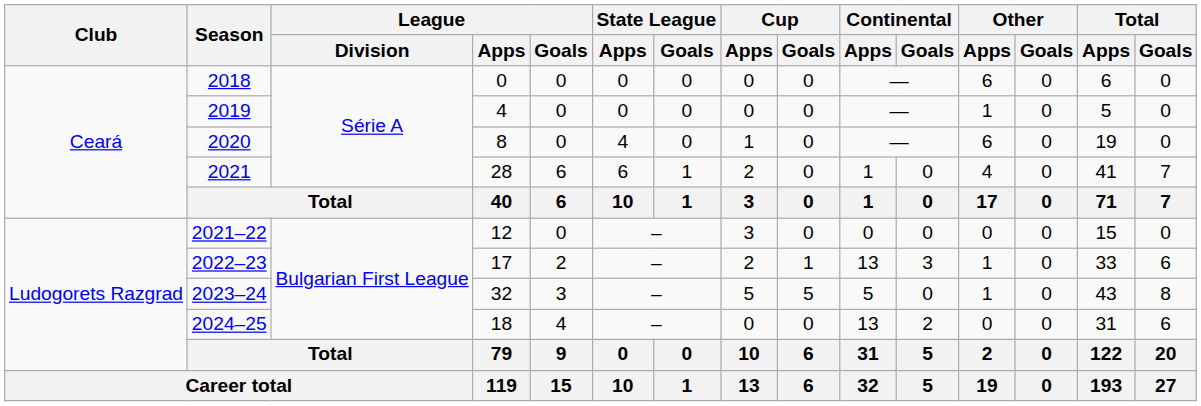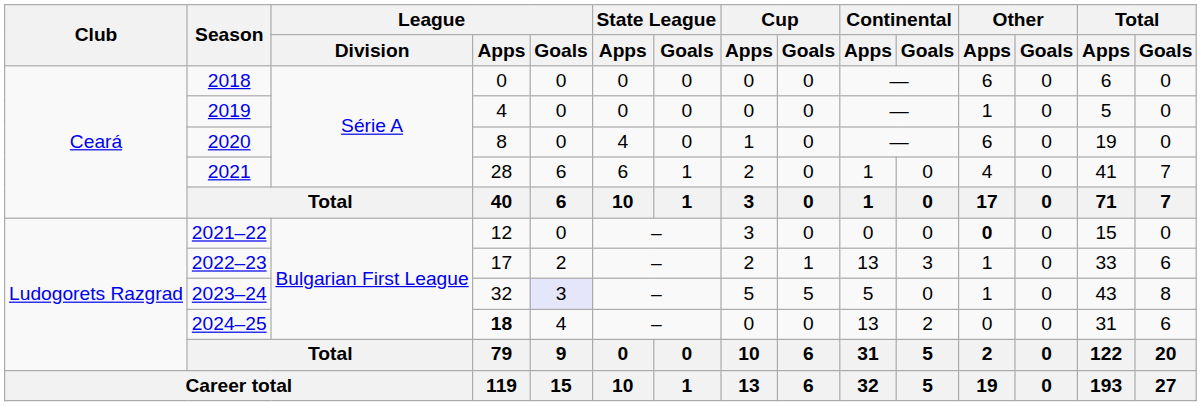 <table class="wikitable" style="text-align:center">
 <tr>
 <th rowspan="2">Club</th>
 <th rowspan="2">Season</th>
 <th colspan="3">League</th>
 <th colspan="2">State League</th>
 <th colspan="2">Cup</th>
 <th colspan="2">Continental</th>
 <th colspan="2">Other</th>
 <th colspan="2">Total</th>
 </tr>
 <tr>
 <th>Division</th>
 <th>Apps</th>
 <th>Goals</th>
 <th>Apps</th>
 <th>Goals</th>
 <th>Apps</th>
 <th>Goals</th>
 <th>Apps</th>
 <th>Goals</th>
 <th>Apps</th>
 <th>Goals</th>
 <th>Apps</th>
 <th>Goals</th>
 </tr>
 <tr>
 <td rowspan="5"><a href='#'>Ceará</a></td>
 <td><a href='#'>2018</a></td>
 <td rowspan="4"><a href='#'>Série A</a></td>
 <td>0</td>
 <td>0</td>
 <td>0</td>
 <td>0</td>
 <td>0</td>
 <td>0</td>
 <td colspan="2">—</td>
 <td>6</td>
 <td>0</td>
 <td>6</td>
 <td>0</td>
 </tr>
 <tr>
 <td><a href='#'>2019</a></td>
 <td>4</td>
 <td>0</td>
 <td>0</td>
 <td>0</td>
 <td>0</td>
 <td>0</td>
 <td colspan="2">—</td>
 <td>1</td>
 <td>0</td>
 <td>5</td>
 <td>0</td>
 </tr>
 <tr>
 <td><a href='#'>2020</a></td>
 <td>8</td>
 <td>0</td>
 <td>4</td>
 <td>0</td>
 <td>1</td>
 <td>0</td>
 <td colspan="2">—</td>
 <td>6</td>
 <td>0</td>
 <td>19</td>
 <td>0</td>
 </tr>
 <tr>
 <td><a href='#'>2021</a></td>
 <td>28</td>
 <td>6</td>
 <td>6</td>
 <td>1</td>
 <td>2</td>
 <td>0</td>
 <td>1</td>
 <td>0</td>
 <td>4</td>
 <td>0</td>
 <td>41</td>
 <td>7</td>
 </tr>
 <tr>
 <th colspan="2">Total</th>
 <th>40</th>
 <th>6</th>
 <th>10</th>
 <th>1</th>
 <th>3</th>
 <th>0</th>
 <th>1</th>
 <th>0</th>
 <th>17</th>
 <th>0</th>
 <th>71</th>
 <th>7</th>
 </tr>
 <tr>
 <td rowspan="5"><a href='#'>Ludogorets Razgrad</a></td>
 <td><a href='#'>2021–22</a></td>
 <td rowspan="4"><a href='#'>Bulgarian First League</a></td>
 <td>12</td>
 <td>0</td>
 <td colspan="2">–</td>
 <td>3</td>
 <td>0</td>
 <td>0</td>
 <td>0</td>
-<td>0</td>
+<td><strong>0</strong></td>
 <td>0</td>
 <td>15</td>
 <td>0</td>
 </tr>
 <tr>
 <td><a href='#'>2022–23</a></td>
 <td>17</td>
 <td>2</td>
 <td colspan="2">–</td>
 <td>2</td>
 <td>1</td>
 <td>13</td>
 <td>3</td>
 <td>1</td>
 <td>0</td>
 <td>33</td>
 <td>6</td>
 </tr>
 <tr>
 <td><a href='#'>2023–24</a></td>
 <td>32</td>
-<td>3</td>
+<td style="background: lavender;">3</td>
 <td colspan="2">–</td>
 <td>5</td>
 <td>5</td>
 <td>5</td>
 <td>0</td>
 <td>1</td>
 <td>0</td>
 <td>43</td>
 <td>8</td>
 </tr>
 <tr>
 <td><a href='#'>2024–25</a></td>
-<td>18</td>
+<td><strong>18</strong></td>
 <td>4</td>
 <td colspan="2">–</td>
 <td>0</td>
 <td>0</td>
 <td>13</td>
 <td>2</td>
 <td>0</td>
 <td>0</td>
 <td>31</td>
 <td>6</td>
 </tr>
 <tr>
 <th colspan="2">Total</th>
 <th>79</th>
 <th>9</th>
 <th>0</th>
 <th>0</th>
 <th>10</th>
 <th>6</th>
 <th>31</th>
 <th>5</th>
 <th>2</th>
 <th>0</th>
 <th>122</th>
 <th>20</th>
 </tr>
 <tr>
 <th colspan="3">Career total</th>
 <th>119</th>
 <th>15</th>
 <th>10</th>
 <th>1</th>
 <th>13</th>
 <th>6</th>
 <th>32</th>
 <th>5</th>
 <th>19</th>
 <th>0</th>
 <th>193</th>
 <th>27</th>
 </tr>
 </table>
